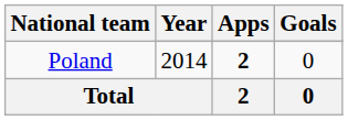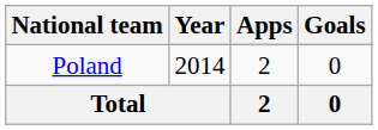 <table class="wikitable" style="text-align:center">
 <tr>
 <th>National team</th>
 <th>Year</th>
 <th>Apps</th>
 <th>Goals</th>
 </tr>
 <tr>
 <td rowspan=2><a href='#'>Poland</a></td>
 </tr>
 <tr>
 <td>2014</td>
-<td><strong>2</strong></td>
+<td>2</td>
 <td>0</td>
 </tr>
 <tr>
 <th colspan="2">Total</th>
 <th>2</th>
 <th>0</th>
 </tr>
 </table>
